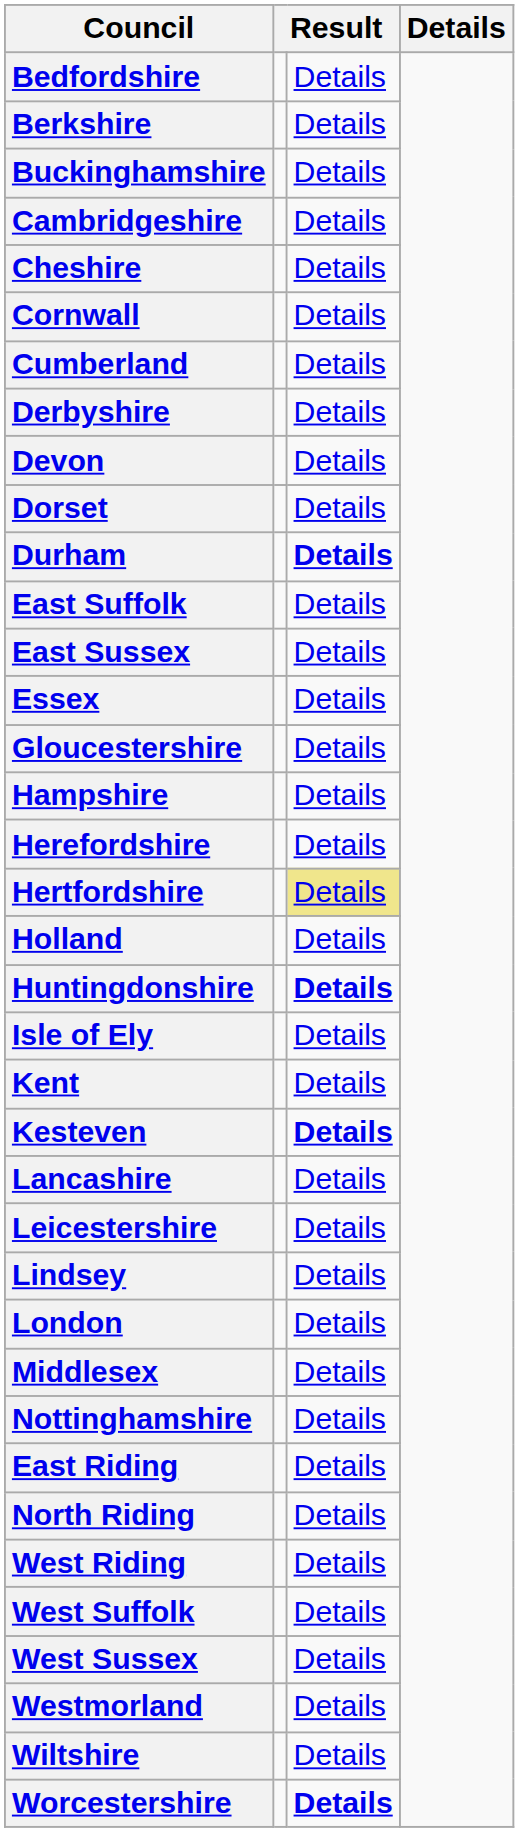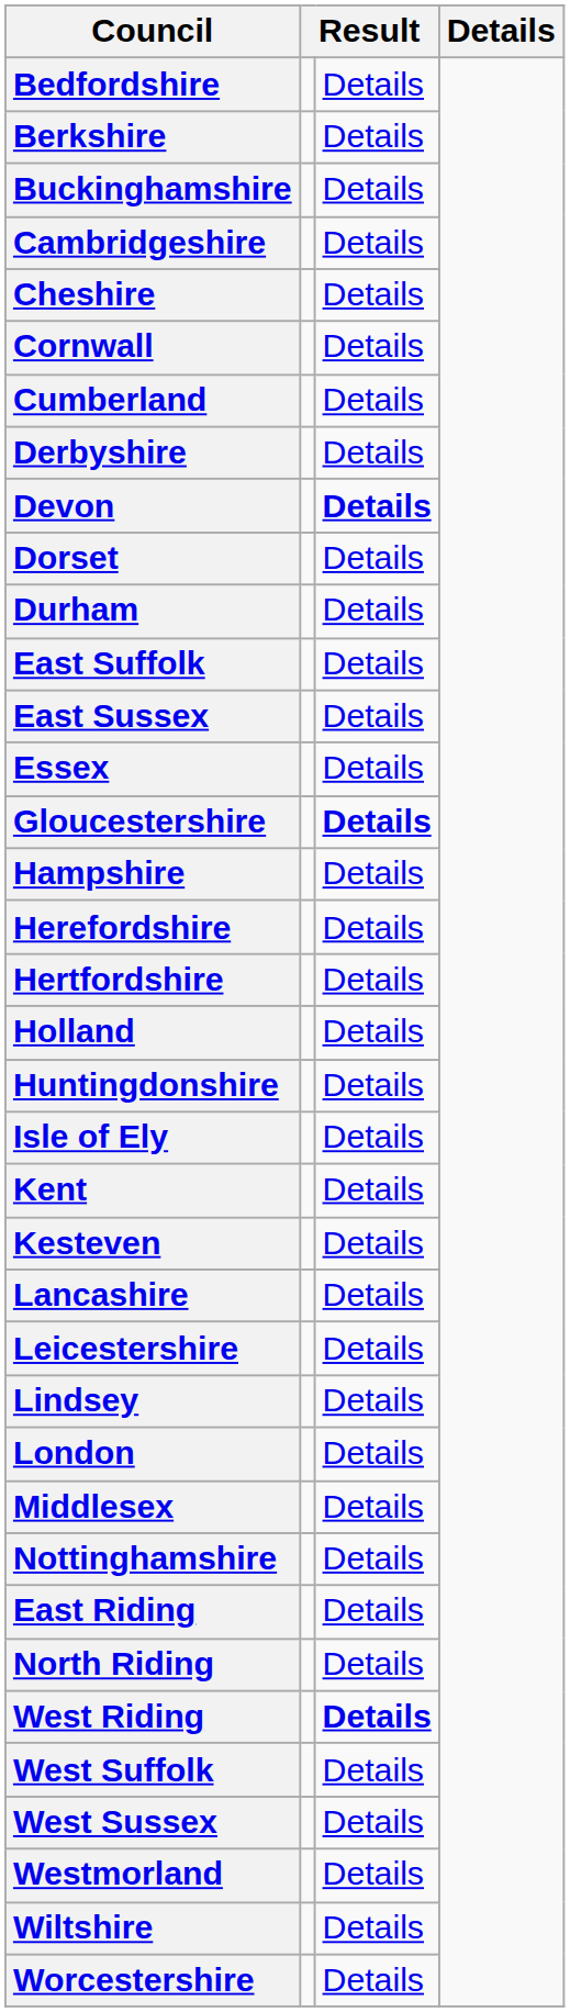 <table class="wikitable">
 <tr>
 <th scope="col">Council</th>
 <th colspan=2>Result</th>
 <th scope="col" class="unsortable">Details</th>
 </tr>
 <tr>
 <th scope="row" style="text-align: left;"><a href='#'>Bedfordshire</a></th>
 <td></td>
 <td><a href='#'>Details</a></td>
 </tr>
 <tr>
 <th scope="row" style="text-align: left;"><a href='#'>Berkshire</a></th>
 <td></td>
 <td><a href='#'>Details</a></td>
 </tr>
 <tr>
 <th scope="row" style="text-align: left;"><a href='#'>Buckinghamshire</a></th>
 <td></td>
 <td><a href='#'>Details</a></td>
 </tr>
 <tr>
 <th scope="row" style="text-align: left;"><a href='#'>Cambridgeshire</a></th>
 <td></td>
 <td><a href='#'>Details</a></td>
 </tr>
 <tr>
 <th scope="row" style="text-align: left;"><a href='#'>Cheshire</a></th>
 <td></td>
 <td><a href='#'>Details</a></td>
 </tr>
 <tr>
 <th scope="row" style="text-align: left;"><a href='#'>Cornwall</a></th>
 <td></td>
 <td><a href='#'>Details</a></td>
 </tr>
 <tr>
 <th scope="row" style="text-align: left;"><a href='#'>Cumberland</a></th>
 <td></td>
 <td><a href='#'>Details</a></td>
 </tr>
 <tr>
 <th scope="row" style="text-align: left;"><a href='#'>Derbyshire</a></th>
 <td></td>
 <td><a href='#'>Details</a></td>
 </tr>
 <tr>
 <th scope="row" style="text-align: left;"><a href='#'>Devon</a></th>
 <td></td>
-<td><a href='#'>Details</a></td>
+<td><strong><a href='#'>Details</a></strong></td>
 </tr>
 <tr>
 <th scope="row" style="text-align: left;"><a href='#'>Dorset</a></th>
 <td></td>
 <td><a href='#'>Details</a></td>
 </tr>
 <tr>
 <th scope="row" style="text-align: left;"><a href='#'>Durham</a></th>
 <td></td>
-<td><strong><a href='#'>Details</a></strong></td>
+<td><a href='#'>Details</a></td>
 </tr>
 <tr>
 <th scope="row" style="text-align: left;"><a href='#'>East Suffolk</a></th>
 <td></td>
 <td><a href='#'>Details</a></td>
 </tr>
 <tr>
 <th scope="row" style="text-align: left;"><a href='#'>East Sussex</a></th>
 <td></td>
 <td><a href='#'>Details</a></td>
 </tr>
 <tr>
 <th scope="row" style="text-align: left;"><a href='#'>Essex</a></th>
 <td></td>
 <td><a href='#'>Details</a></td>
 </tr>
 <tr>
 <th scope="row" style="text-align: left;"><a href='#'>Gloucestershire</a></th>
 <td></td>
-<td><a href='#'>Details</a></td>
+<td><strong><a href='#'>Details</a></strong></td>
 </tr>
 <tr>
 <th scope="row" style="text-align: left;"><a href='#'>Hampshire</a></th>
 <td></td>
 <td><a href='#'>Details</a></td>
 </tr>
 <tr>
 <th scope="row" style="text-align: left;"><a href='#'>Herefordshire</a></th>
 <td></td>
 <td><a href='#'>Details</a></td>
 </tr>
 <tr>
 <th scope="row" style="text-align: left;"><a href='#'>Hertfordshire</a></th>
 <td></td>
-<td style="background: khaki;"><a href='#'>Details</a></td>
+<td><a href='#'>Details</a></td>
 </tr>
 <tr>
 <th scope="row" style="text-align: left;"><a href='#'>Holland</a></th>
 <td></td>
 <td><a href='#'>Details</a></td>
 </tr>
 <tr>
 <th scope="row" style="text-align: left;"><a href='#'>Huntingdonshire</a></th>
 <td></td>
-<td><strong><a href='#'>Details</a></strong></td>
+<td><a href='#'>Details</a></td>
 </tr>
 <tr>
 <th scope="row" style="text-align: left;"><a href='#'>Isle of Ely</a></th>
 <td></td>
 <td><a href='#'>Details</a></td>
 </tr>
 <tr>
 <th scope="row" style="text-align: left;"><a href='#'>Kent</a></th>
 <td></td>
 <td><a href='#'>Details</a></td>
 </tr>
 <tr>
 <th scope="row" style="text-align: left;"><a href='#'>Kesteven</a></th>
 <td></td>
-<td><strong><a href='#'>Details</a></strong></td>
+<td><a href='#'>Details</a></td>
 </tr>
 <tr>
 <th scope="row" style="text-align: left;"><a href='#'>Lancashire</a></th>
 <td></td>
 <td><a href='#'>Details</a></td>
 </tr>
 <tr>
 <th scope="row" style="text-align: left;"><a href='#'>Leicestershire</a></th>
 <td></td>
 <td><a href='#'>Details</a></td>
 </tr>
 <tr>
 <th scope="row" style="text-align: left;"><a href='#'>Lindsey</a></th>
 <td></td>
 <td><a href='#'>Details</a></td>
 </tr>
 <tr>
 <th scope="row" style="text-align: left;"><a href='#'>London</a></th>
 <td></td>
 <td><a href='#'>Details</a></td>
 </tr>
 <tr>
 <th scope="row" style="text-align: left;"><a href='#'>Middlesex</a></th>
 <td></td>
 <td><a href='#'>Details</a></td>
 </tr>
 <tr>
 <th scope="row" style="text-align: left;"><a href='#'>Nottinghamshire</a></th>
 <td></td>
 <td><a href='#'>Details</a></td>
 </tr>
 <tr>
 <th scope="row" style="text-align: left;"><a href='#'>East Riding</a></th>
 <td></td>
 <td><a href='#'>Details</a></td>
 </tr>
 <tr>
 <th scope="row" style="text-align: left;"><a href='#'>North Riding</a></th>
 <td></td>
 <td><a href='#'>Details</a></td>
 </tr>
 <tr>
 <th scope="row" style="text-align: left;"><a href='#'>West Riding</a></th>
 <td></td>
-<td><a href='#'>Details</a></td>
+<td><strong><a href='#'>Details</a></strong></td>
 </tr>
 <tr>
 <th scope="row" style="text-align: left;"><a href='#'>West Suffolk</a></th>
 <td></td>
 <td><a href='#'>Details</a></td>
 </tr>
 <tr>
 <th scope="row" style="text-align: left;"><a href='#'>West Sussex</a></th>
 <td></td>
 <td><a href='#'>Details</a></td>
 </tr>
 <tr>
 <th scope="row" style="text-align: left;"><a href='#'>Westmorland</a></th>
 <td></td>
 <td><a href='#'>Details</a></td>
 </tr>
 <tr>
 <th scope="row" style="text-align: left;"><a href='#'>Wiltshire</a></th>
 <td></td>
 <td><a href='#'>Details</a></td>
 </tr>
 <tr>
 <th scope="row" style="text-align: left;"><a href='#'>Worcestershire</a></th>
 <td></td>
-<td><strong><a href='#'>Details</a></strong></td>
+<td><a href='#'>Details</a></td>
 </tr>
 </table>
